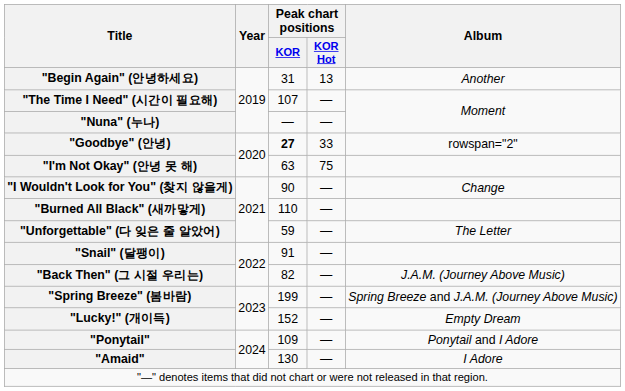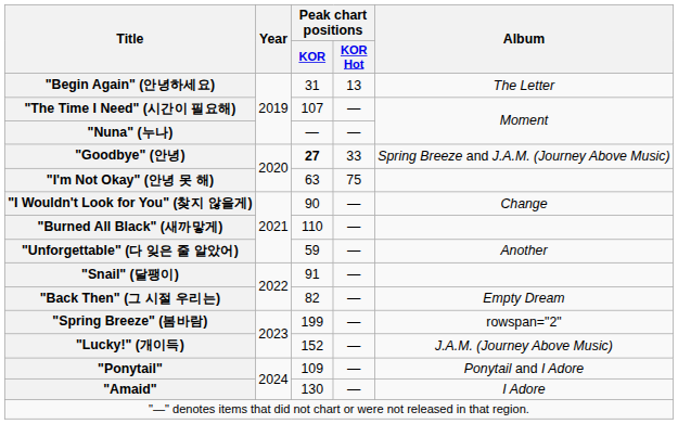 <table class="wikitable plainrowheaders" style="text-align:center;">
 <tr>
 <th scope="col" rowspan="2">Title</th>
 <th scope="col" rowspan="2">Year</th>
 <th scope="col" colspan="2">Peak chart positions</th>
 <th scope="col" rowspan="2">Album</th>
 </tr>
 <tr>
 <th scope="col" style="width:3em;font-size:90%;"><a href='#'>KOR</a><br></th>
 <th scope="col" style="width:3em;font-size:90%;"><a href='#'>KOR<br>Hot</a><br></th>
 </tr>
 <tr>
 <th scope="row">"Begin Again" (안녕하세요)</th>
 <td rowspan="3">2019</td>
 <td>31</td>
 <td>13</td>
-<td><em>Another</em></td>
+<td><em>The Letter</em></td>
 </tr>
 <tr>
 <th scope="row">"The Time I Need" (시간이 필요해)</th>
 <td>107</td>
 <td>—</td>
 <td rowspan="2"><em>Moment</em></td>
 </tr>
 <tr>
 <th scope="row">"Nuna" (누나)</th>
 <td>—</td>
 <td>—</td>
 </tr>
 <tr>
 <th scope="row">"Goodbye" (안녕)</th>
 <td rowspan="2">2020</td>
 <td><strong>27</strong></td>
 <td>33</td>
-<td>rowspan="2" </td>
+<td><em>Spring Breeze</em> and <em>J.A.M. (Journey Above Music)</em></td>
 </tr>
 <tr>
 <th scope="row">"I'm Not Okay" (안녕 못 해)</th>
 <td>63</td>
 <td>75</td>
 </tr>
 <tr>
 <th scope="row">"I Wouldn't Look for You" (찾지 않을게)</th>
 <td rowspan="3">2021</td>
 <td>90</td>
 <td>—</td>
 <td><em>Change</em></td>
 </tr>
 <tr>
 <th scope="row">"Burned All Black" (새까맣게)</th>
 <td>110</td>
 <td>—</td>
 <td></td>
 </tr>
 <tr>
 <th scope="row">"Unforgettable" (다 잊은 줄 알았어)</th>
 <td>59</td>
 <td>—</td>
-<td><em>The Letter</em></td>
+<td><em>Another</em></td>
 </tr>
 <tr>
 <th scope="row">"Snail" (달팽이)</th>
 <td rowspan="2">2022</td>
 <td>91</td>
 <td>—</td>
 <td></td>
 </tr>
 <tr>
 <th scope="row">"Back Then" (그 시절 우리는)</th>
 <td>82</td>
 <td>—</td>
-<td><em>J.A.M. (Journey Above Music)</em></td>
+<td><em>Empty Dream</em></td>
 </tr>
 <tr>
 <th scope="row">"Spring Breeze" (봄바람)</th>
 <td rowspan="2">2023</td>
 <td>199</td>
 <td>—</td>
-<td><em>Spring Breeze</em> and <em>J.A.M. (Journey Above Music)</em></td>
+<td>rowspan="2" </td>
 </tr>
 <tr>
 <th scope="row">"Lucky!" (개이득)<br></th>
 <td>152</td>
 <td>—</td>
-<td><em>Empty Dream</em></td>
+<td><em>J.A.M. (Journey Above Music)</em></td>
 </tr>
 <tr>
 <th scope="row">"Ponytail"</th>
 <td rowspan="2">2024</td>
 <td>109</td>
 <td>—</td>
 <td><em>Ponytail</em> and <em>I Adore</em></td>
 </tr>
 <tr>
 <th scope="row">"Amaid"<br></th>
 <td>130</td>
 <td>—</td>
 <td><em>I Adore</em></td>
 </tr>
 <tr>
 <td colspan="5" style="font-size:90%;">"—" denotes items that did not chart or were not released in that region.</td>
 </tr>
 </table>
